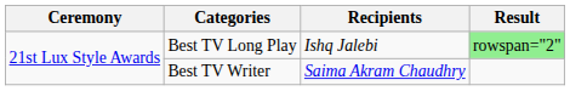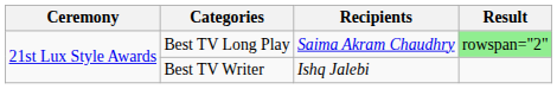 <table class="wikitable style">
 <tr>
 <th>Ceremony</th>
 <th>Categories</th>
 <th>Recipients</th>
 <th>Result</th>
 </tr>
 <tr>
 <td rowspan="2"><a href='#'>21st Lux Style Awards</a></td>
 <td>Best TV Long Play</td>
-<td><em>Ishq Jalebi</em></td>
+<td><em><a href='#'>Saima Akram Chaudhry</a></em></td>
 <td style="background: lightgreen;">rowspan="2" </td>
 </tr>
 <tr>
 <td>Best TV Writer</td>
-<td><em><a href='#'>Saima Akram Chaudhry</a></em></td>
+<td><em>Ishq Jalebi</em></td>
 </tr>
 </table>
